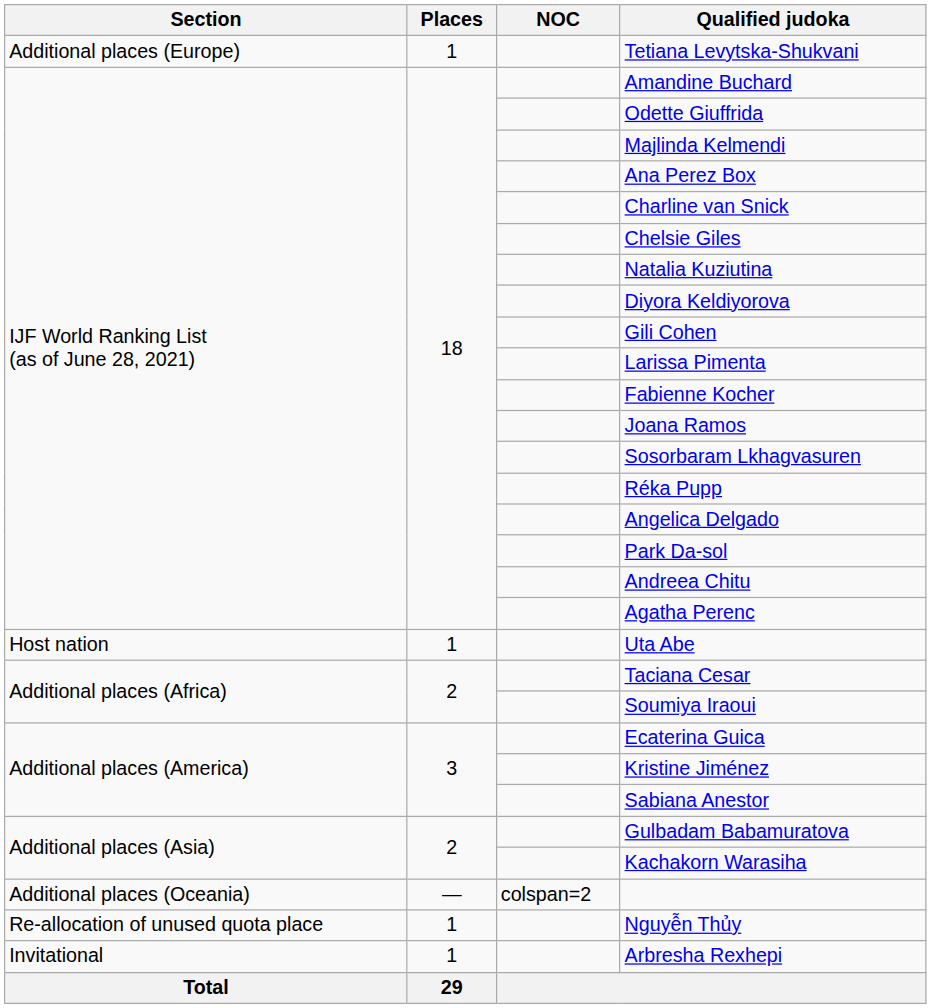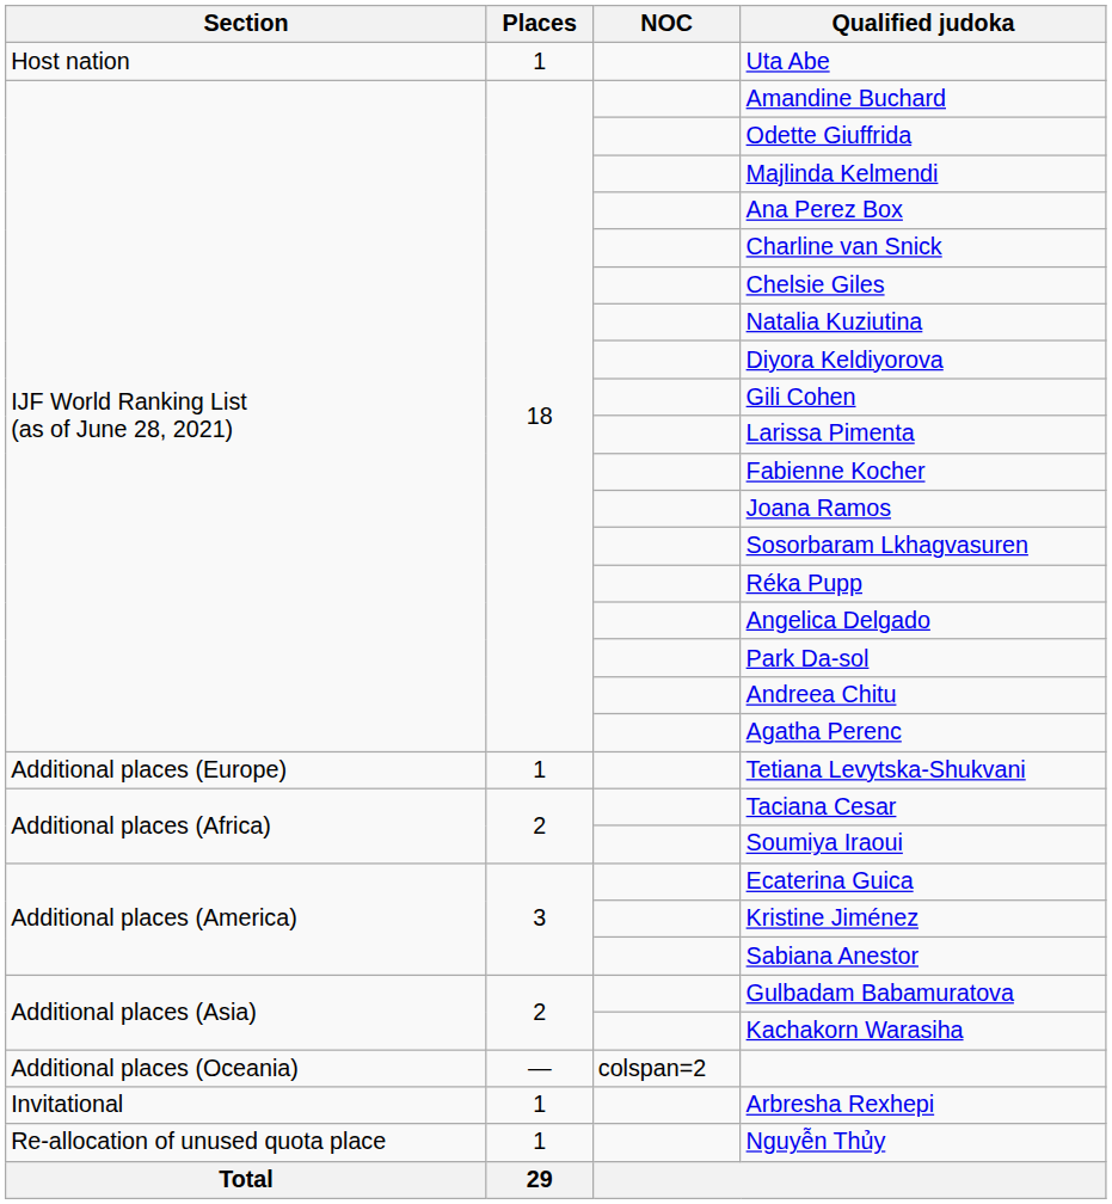 <table class="wikitable"  width=750>
 <tr>
 <th>Section</th>
 <th>Places</th>
 <th>NOC</th>
 <th>Qualified judoka</th>
 </tr>
 <tr>
-<td>Additional places (Europe)</td>
+<td>Host nation</td>
 <td align=center>1</td>
 <td></td>
-<td><a href='#'>Tetiana Levytska-Shukvani</a></td>
+<td><a href='#'>Uta Abe</a></td>
 </tr>
 <tr>
 <td rowspan=18>IJF World Ranking List<br>(as of June 28, 2021)</td>
 <td rowspan=18 align=center>18</td>
 <td></td>
 <td><a href='#'>Amandine Buchard</a></td>
 </tr>
 <tr>
 <td></td>
 <td><a href='#'>Odette Giuffrida</a></td>
 </tr>
 <tr>
 <td></td>
 <td><a href='#'>Majlinda Kelmendi</a></td>
 </tr>
 <tr>
 <td></td>
 <td><a href='#'>Ana Perez Box</a></td>
 </tr>
 <tr>
 <td></td>
 <td><a href='#'>Charline van Snick</a></td>
 </tr>
 <tr>
 <td></td>
 <td><a href='#'>Chelsie Giles</a></td>
 </tr>
 <tr>
 <td></td>
 <td><a href='#'>Natalia Kuziutina</a></td>
 </tr>
 <tr>
 <td></td>
 <td><a href='#'>Diyora Keldiyorova</a></td>
 </tr>
 <tr>
 <td></td>
 <td><a href='#'>Gili Cohen</a></td>
 </tr>
 <tr>
 <td></td>
 <td><a href='#'>Larissa Pimenta</a></td>
 </tr>
 <tr>
 <td></td>
 <td><a href='#'>Fabienne Kocher</a></td>
 </tr>
 <tr>
 <td></td>
 <td><a href='#'>Joana Ramos</a></td>
 </tr>
 <tr>
 <td></td>
 <td><a href='#'>Sosorbaram Lkhagvasuren</a></td>
 </tr>
 <tr>
 <td></td>
 <td><a href='#'>Réka Pupp</a></td>
 </tr>
 <tr>
 <td></td>
 <td><a href='#'>Angelica Delgado</a></td>
 </tr>
 <tr>
 <td></td>
 <td><a href='#'>Park Da-sol</a></td>
 </tr>
 <tr>
 <td></td>
 <td><a href='#'>Andreea Chitu</a></td>
 </tr>
 <tr>
 <td></td>
 <td><a href='#'>Agatha Perenc</a></td>
 </tr>
 <tr>
-<td>Host nation</td>
+<td>Additional places (Europe)</td>
 <td align=center>1</td>
 <td></td>
-<td><a href='#'>Uta Abe</a></td>
+<td><a href='#'>Tetiana Levytska-Shukvani</a></td>
 </tr>
 <tr>
 <td rowspan=2>Additional places (Africa)</td>
 <td rowspan=2 align=center>2</td>
 <td></td>
 <td><a href='#'>Taciana Cesar</a></td>
 </tr>
 <tr>
 <td></td>
 <td><a href='#'>Soumiya Iraoui</a></td>
 </tr>
 <tr>
 <td rowspan=3>Additional places (America)</td>
 <td rowspan=3 align=center>3</td>
 <td></td>
 <td><a href='#'>Ecaterina Guica</a></td>
 </tr>
 <tr>
 <td></td>
 <td><a href='#'>Kristine Jiménez</a></td>
 </tr>
 <tr>
 <td></td>
 <td><a href='#'>Sabiana Anestor</a></td>
 </tr>
 <tr>
 <td rowspan=2>Additional places (Asia)</td>
 <td rowspan=2 align=center>2</td>
 <td></td>
 <td><a href='#'>Gulbadam Babamuratova</a></td>
 </tr>
 <tr>
 <td></td>
 <td><a href='#'>Kachakorn Warasiha</a></td>
 </tr>
 <tr>
 <td>Additional places (Oceania)</td>
 <td align=center>—</td>
 <td>colspan=2 </td>
 </tr>
 <tr>
+<td>Invitational</td>
+<td align=center>1</td>
+<td></td>
+<td><a href='#'>Arbresha Rexhepi</a></td>
+</tr>
+<tr>
 <td>Re-allocation of unused quota place</td>
 <td align=center>1</td>
 <td></td>
 <td><a href='#'>Nguyễn Thủy</a></td>
-</tr>
-<tr>
-<td>Invitational</td>
-<td align=center>1</td>
-<td></td>
-<td><a href='#'>Arbresha Rexhepi</a></td>
 </tr>
 <tr>
 <th>Total</th>
 <th>29</th>
 <th colspan=2></th>
 </tr>
 </table>
